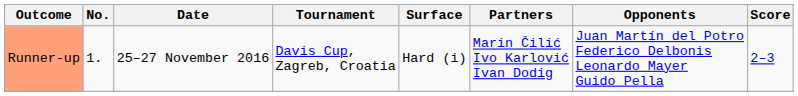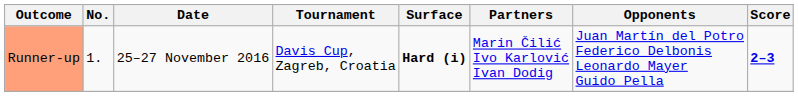 <table class="wikitable" style=font-size:97%>
 <tr>
 <th>Outcome</th>
 <th>No.</th>
 <th>Date</th>
 <th>Tournament</th>
 <th>Surface</th>
 <th>Partners</th>
 <th>Opponents</th>
 <th>Score</th>
 </tr>
 <tr>
 <td bgcolor=ffa07a>Runner-up</td>
 <td>1.</td>
 <td>25–27 November 2016</td>
 <td><a href='#'>Davis Cup</a>, <br> Zagreb, Croatia</td>
-<td>Hard (i)</td>
+<td><strong>Hard (i)</strong></td>
 <td> <a href='#'>Marin Čilić</a> <br>  <a href='#'>Ivo Karlović</a> <br>  <a href='#'>Ivan Dodig</a></td>
 <td> <a href='#'>Juan Martín del Potro</a> <br>  <a href='#'>Federico Delbonis</a> <br>  <a href='#'>Leonardo Mayer</a> <br>  <a href='#'>Guido Pella</a></td>
-<td><a href='#'>2–3</a></td>
+<td><strong><a href='#'>2–3</a></strong></td>
 </tr>
 <tr>
 </tr>
 </table>
